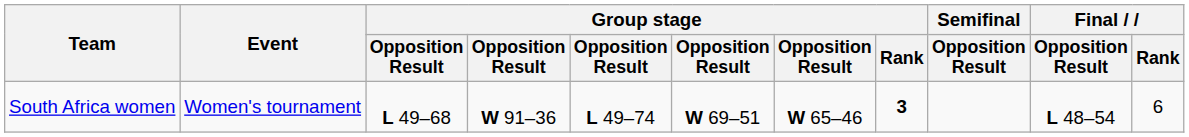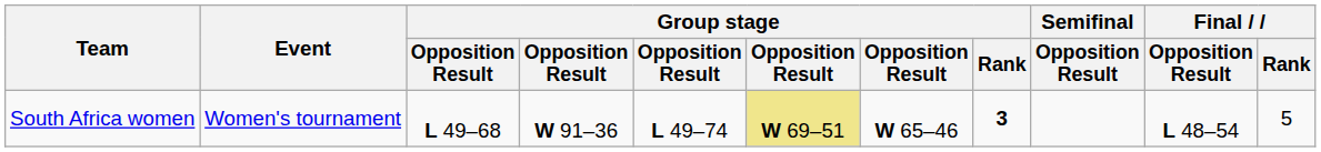 <table class=wikitable style="font-size:90%; text-align:center">
 <tr>
 <th rowspan=2>Team</th>
 <th rowspan=2>Event</th>
 <th colspan=6>Group stage</th>
 <th>Semifinal</th>
 <th colspan=2>Final /  / </th>
 </tr>
 <tr style=font-size:95%>
 <th>Opposition<br>Result</th>
 <th>Opposition<br>Result</th>
 <th>Opposition<br>Result</th>
 <th>Opposition<br>Result</th>
 <th>Opposition<br>Result</th>
 <th>Rank</th>
 <th>Opposition<br>Result</th>
 <th>Opposition<br>Result</th>
 <th>Rank</th>
 </tr>
 <tr>
 <td align=left><a href='#'>South Africa women</a></td>
 <td align=left><a href='#'>Women's tournament</a></td>
 <td><br><strong>L</strong> 49–68</td>
 <td><br><strong>W</strong> 91–36</td>
 <td><br><strong>L</strong> 49–74</td>
-<td><br><strong>W</strong> 69–51</td>
+<td style="background: khaki;"><br><strong>W</strong> 69–51</td>
 <td><br><strong>W</strong> 65–46</td>
 <td><strong>3</strong></td>
 <td></td>
 <td><br><strong>L</strong> 48–54</td>
-<td>6</td>
+<td>5</td>
 </tr>
 </table>
